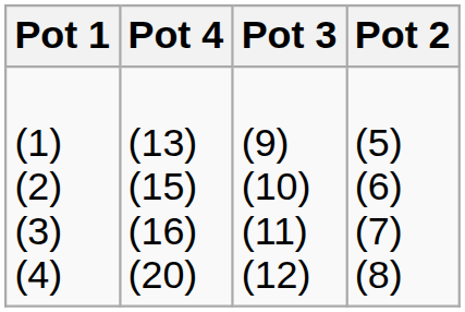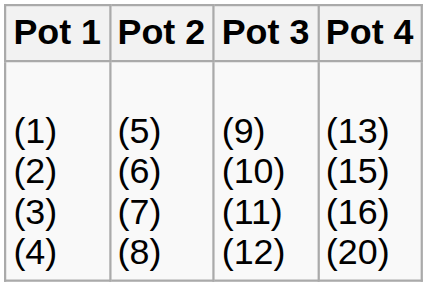 <table class="wikitable">
 <tr>
 <th width=25%>Pot 1</th>
+<th width=25%>Pot 2</th>
+<th width=25%>Pot 3</th>
 <th width=25%>Pot 4</th>
-<th width=25%>Pot 3</th>
-<th width=25%>Pot 2</th>
 </tr>
 <tr>
 <td><br> (1)<br>  (2)<br>  (3)<br>  (4)</td>
+<td><br> (5)<br>  (6)<br>  (7)<br>  (8)</td>
+<td><br> (9)<br>  (10)<br>  (11)<br>  (12)</td>
 <td><br> (13)<br>  (15)<br>  (16)<br>  (20)</td>
-<td><br> (9)<br>  (10)<br>  (11)<br>  (12)</td>
-<td><br> (5)<br>  (6)<br>  (7)<br>  (8)</td>
 </tr>
 </table>
